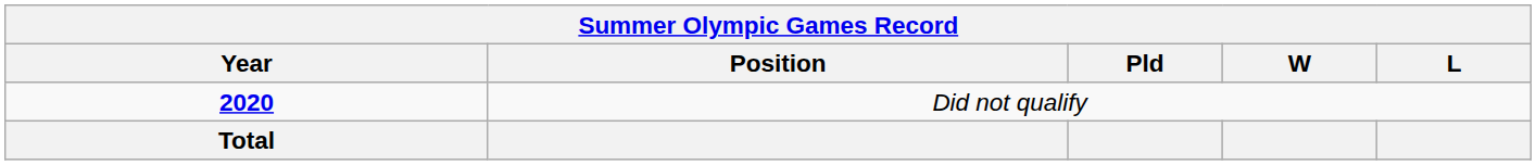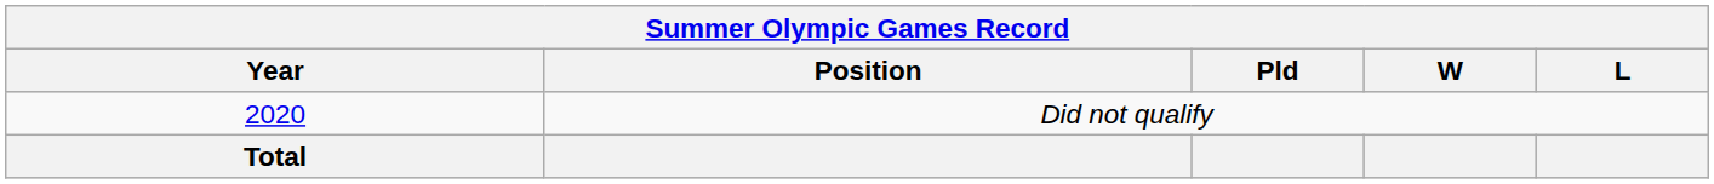 <table class="wikitable collapsible autocollapse" style="text-align: center; font-size:95%;" width=60%>
 <tr>
 <th colspan=9><a href='#'>Summer Olympic Games Record</a></th>
 </tr>
 <tr>
 <th width=25%>Year</th>
 <th width=30%>Position</th>
 <th width=8%>Pld</th>
 <th width=8%>W</th>
 <th width=8%>L</th>
 </tr>
 <tr>
-<td><strong> <a href='#'>2020</a></strong></td>
+<td> <a href='#'>2020</a></td>
 <td colspan=4><em>Did not qualify</em></td>
 </tr>
 <tr>
 <th><strong>Total</strong></th>
 <th></th>
 <th></th>
 <th></th>
 <th></th>
 </tr>
 </table>
